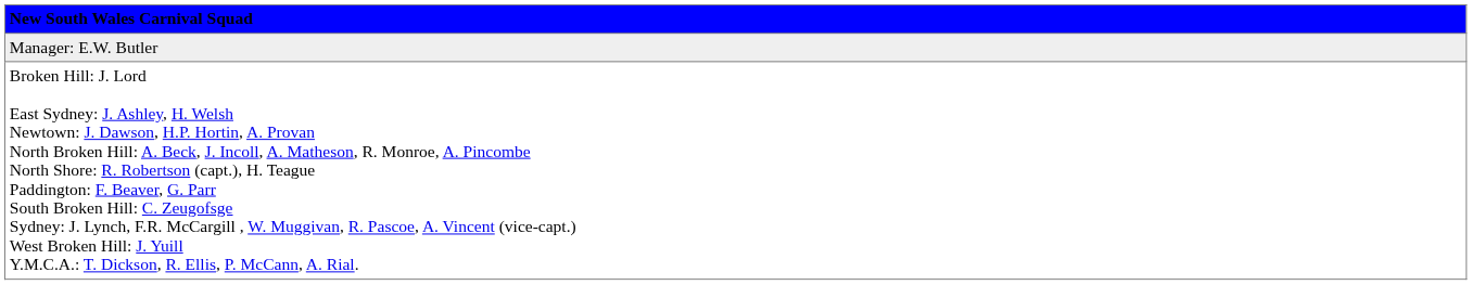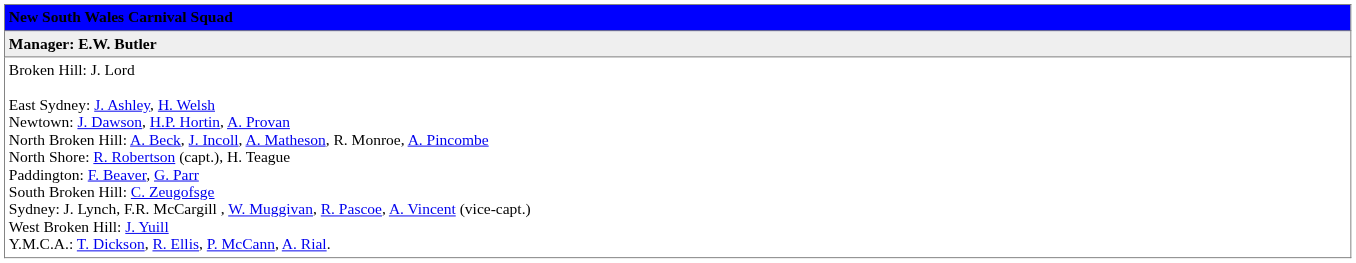 <table border="1" cellpadding="4" cellspacing="0" style="text-align:left; font-size:100%; border-collapse:collapse;" width=70%>
 <tr style="background:blue;">
 <th colspan=2><span>New South Wales Carnival Squad</span></th>
 </tr>
 <tr bgcolor="#efefef">
-<td>Manager: E.W. Butler</td>
+<td><strong>Manager: E.W. Butler</strong></td>
 </tr>
 <tr>
 <td>Broken Hill: J. Lord<br><br>East Sydney: <a href='#'>J. Ashley</a>, <a href='#'>H. Welsh</a><br> Newtown: <a href='#'>J. Dawson</a>, <a href='#'>H.P. Hortin</a>, <a href='#'>A. Provan</a><br> North Broken Hill: <a href='#'>A. Beck</a>, <a href='#'>J. Incoll</a>, <a href='#'>A. Matheson</a>, R. Monroe, <a href='#'>A. Pincombe</a><br> North Shore: <a href='#'>R. Robertson</a> (capt.), H. Teague<br> Paddington: <a href='#'>F. Beaver</a>, <a href='#'>G. Parr</a><br> South Broken Hill: <a href='#'>C. Zeugofsge</a><br> Sydney: J. Lynch, F.R. McCargill , <a href='#'>W. Muggivan</a>, <a href='#'>R. Pascoe</a>, <a href='#'>A. Vincent</a> (vice-capt.)<br> West Broken Hill: <a href='#'>J. Yuill</a><br> Y.M.C.A.: <a href='#'>T. Dickson</a>, <a href='#'>R. Ellis</a>, <a href='#'>P. McCann</a>, <a href='#'>A. Rial</a>.</td>
 </tr>
 </table>
